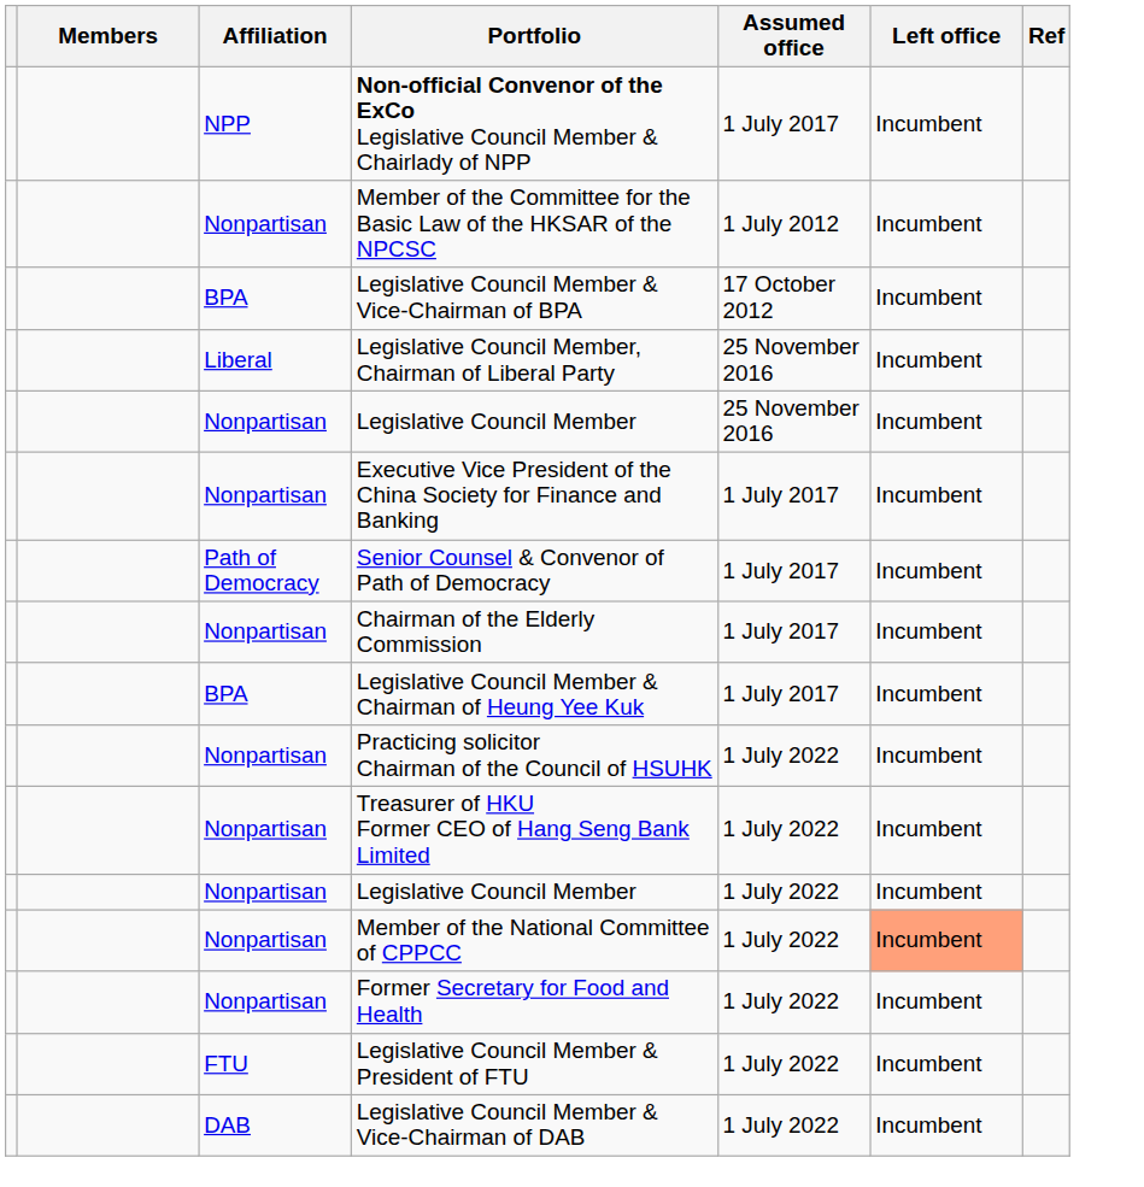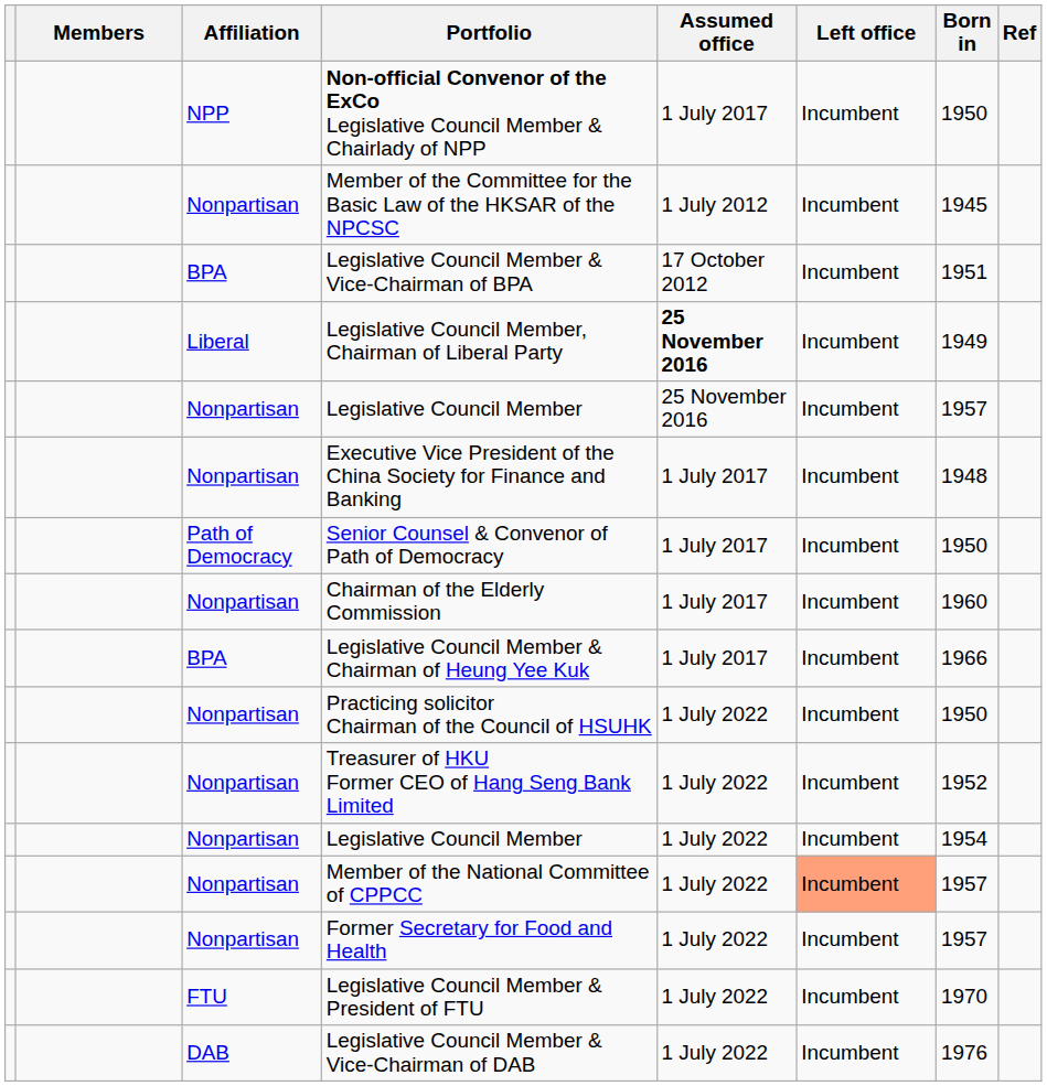 <table class="wikitable">
 <tr>
 <th width="1px" class="unsortable"></th>
 <th width="120px">Members</th>
 <th width="100px">Affiliation</th>
 <th width="250px">Portfolio</th>
 <th width="100px">Assumed office</th>
 <th width="100px">Left office</th>
+<th width="40px">Born in</th>
 <th width="5px" class="unsortable">Ref</th>
 </tr>
 <tr>
 <td style="color:inherit;background:"></td>
 <td></td>
 <td><a href='#'>NPP</a></td>
 <td><strong>Non-official Convenor of the ExCo</strong><br>Legislative Council Member & Chairlady of NPP</td>
 <td>1 July 2017</td>
 <td>Incumbent</td>
+<td>1950</td>
 <td></td>
 </tr>
 <tr>
 <td style="color:inherit;background:"></td>
 <td></td>
 <td><a href='#'>Nonpartisan</a></td>
 <td>Member of the Committee for the Basic Law of the HKSAR of the <a href='#'>NPCSC</a></td>
 <td>1 July 2012</td>
 <td>Incumbent</td>
+<td>1945</td>
 <td></td>
 </tr>
 <tr>
 <td style="color:inherit;background:"></td>
 <td></td>
 <td><a href='#'>BPA</a></td>
 <td>Legislative Council Member & Vice-Chairman of BPA</td>
 <td>17 October 2012</td>
 <td>Incumbent</td>
+<td>1951</td>
 <td></td>
 </tr>
 <tr>
 <td style="color:inherit;background:"></td>
 <td></td>
 <td><a href='#'>Liberal</a></td>
 <td>Legislative Council Member, Chairman of Liberal Party</td>
-<td>25 November 2016</td>
+<td><strong>25 November 2016</strong></td>
 <td>Incumbent</td>
+<td>1949</td>
 <td></td>
 </tr>
 <tr>
 <td style="color:inherit;background:"></td>
 <td></td>
 <td><a href='#'>Nonpartisan</a></td>
 <td>Legislative Council Member</td>
 <td>25 November 2016</td>
 <td>Incumbent</td>
+<td>1957</td>
 <td></td>
 </tr>
 <tr>
 <td style="color:inherit;background:"></td>
 <td></td>
 <td><a href='#'>Nonpartisan</a></td>
 <td>Executive Vice President of the China Society for Finance and Banking</td>
 <td>1 July 2017</td>
 <td>Incumbent</td>
+<td>1948</td>
 <td></td>
 </tr>
 <tr>
 <td style="color:inherit;background:"></td>
 <td></td>
 <td><a href='#'>Path of Democracy</a></td>
 <td><a href='#'>Senior Counsel</a> & Convenor of Path of Democracy</td>
 <td>1 July 2017</td>
 <td>Incumbent</td>
+<td>1950</td>
 <td></td>
 </tr>
 <tr>
 <td style="color:inherit;background:"></td>
 <td></td>
 <td><a href='#'>Nonpartisan</a></td>
 <td>Chairman of the Elderly Commission</td>
 <td>1 July 2017</td>
 <td>Incumbent</td>
+<td>1960</td>
 <td></td>
 </tr>
 <tr>
 <td style="color:inherit;background:"></td>
 <td></td>
 <td><a href='#'>BPA</a></td>
 <td>Legislative Council Member & Chairman of <a href='#'>Heung Yee Kuk</a></td>
 <td>1 July 2017</td>
 <td>Incumbent</td>
+<td>1966</td>
 <td></td>
 </tr>
 <tr>
 <td style="color:inherit;background:"></td>
 <td></td>
 <td><a href='#'>Nonpartisan</a></td>
 <td>Practicing solicitor<br>Chairman of the Council of <a href='#'>HSUHK</a></td>
 <td>1 July 2022</td>
 <td>Incumbent</td>
+<td>1950</td>
 <td></td>
 </tr>
 <tr>
 <td style="color:inherit;background:"></td>
 <td></td>
 <td><a href='#'>Nonpartisan</a></td>
 <td>Treasurer of <a href='#'>HKU</a><br>Former CEO of <a href='#'>Hang Seng Bank Limited</a></td>
 <td>1 July 2022</td>
 <td>Incumbent</td>
+<td>1952</td>
 <td></td>
 </tr>
 <tr>
 <td style="color:inherit;background:"></td>
 <td></td>
 <td><a href='#'>Nonpartisan</a></td>
 <td>Legislative Council Member</td>
 <td>1 July 2022</td>
 <td>Incumbent</td>
+<td>1954</td>
 <td></td>
 </tr>
 <tr>
 <td style="color:inherit;background:"></td>
 <td></td>
 <td><a href='#'>Nonpartisan</a></td>
 <td>Member of the National Committee of <a href='#'>CPPCC</a></td>
 <td>1 July 2022</td>
 <td style="background: lightsalmon;">Incumbent</td>
+<td>1957</td>
 <td></td>
 </tr>
 <tr>
 <td style="color:inherit;background:"></td>
 <td></td>
 <td><a href='#'>Nonpartisan</a></td>
 <td>Former <a href='#'>Secretary for Food and Health</a></td>
 <td>1 July 2022</td>
 <td>Incumbent</td>
+<td>1957</td>
 <td></td>
 </tr>
 <tr>
 <td style="color:inherit;background:"></td>
 <td></td>
 <td><a href='#'>FTU</a></td>
 <td>Legislative Council Member & President of FTU</td>
 <td>1 July 2022</td>
 <td>Incumbent</td>
+<td>1970</td>
 <td></td>
 </tr>
 <tr>
 <td style="color:inherit;background:"></td>
 <td></td>
 <td><a href='#'>DAB</a></td>
 <td>Legislative Council Member & Vice-Chairman of DAB</td>
 <td>1 July 2022</td>
 <td>Incumbent</td>
+<td>1976</td>
 <td></td>
 </tr>
 </table>
